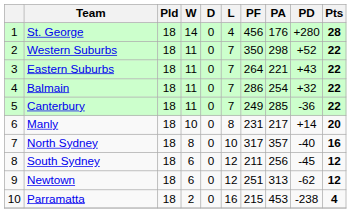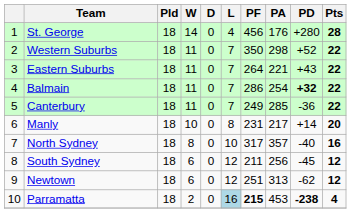 <table class="wikitable" style="text-align:center;">
 <tr>
 <th width=20 abbr="Position×"></th>
 <th width=175>Team</th>
 <th width=20 abbr="Played">Pld</th>
 <th width=20 abbr="Won">W</th>
 <th width=20 abbr="Drawn">D</th>
 <th width=20 abbr="Lost">L</th>
 <th width=20 abbr="Points for">PF</th>
 <th width=20 abbr="Points against">PA</th>
 <th width=20 abbr="Points difference">PD</th>
 <th width=20 abbr="Points">Pts</th>
 </tr>
 <tr style="background: #ccffcc;">
 <td>1</td>
 <td style="text-align:left;"> <a href='#'>St. George</a></td>
 <td>18</td>
 <td>14</td>
 <td>0</td>
 <td>4</td>
 <td>456</td>
 <td>176</td>
 <td>+280</td>
 <td><strong>28</strong></td>
 </tr>
 <tr style="background: #ccffcc;">
 <td>2</td>
 <td style="text-align:left;"> <a href='#'>Western Suburbs</a></td>
 <td>18</td>
 <td>11</td>
 <td>0</td>
 <td>7</td>
 <td>350</td>
 <td>298</td>
 <td>+52</td>
 <td><strong>22</strong></td>
 </tr>
 <tr style="background: #ccffcc;">
 <td>3</td>
 <td style="text-align:left;"> <a href='#'>Eastern Suburbs</a></td>
 <td>18</td>
 <td>11</td>
 <td>0</td>
 <td>7</td>
 <td>264</td>
 <td>221</td>
 <td>+43</td>
 <td><strong>22</strong></td>
 </tr>
 <tr style="background: #ccffcc;">
 <td>4</td>
 <td style="text-align:left;"> <a href='#'>Balmain</a></td>
 <td>18</td>
 <td>11</td>
 <td>0</td>
 <td>7</td>
 <td>286</td>
 <td>254</td>
-<td>+32</td>
+<td><strong>+32</strong></td>
 <td><strong>22</strong></td>
 </tr>
 <tr style="background: #ccffcc;">
 <td>5</td>
 <td style="text-align:left;"> <a href='#'>Canterbury</a></td>
 <td>18</td>
 <td>11</td>
 <td>0</td>
 <td>7</td>
 <td>249</td>
 <td>285</td>
 <td>-36</td>
 <td><strong>22</strong></td>
 </tr>
 <tr>
 <td>6</td>
 <td style="text-align:left;"> <a href='#'>Manly</a></td>
 <td>18</td>
 <td>10</td>
 <td>0</td>
 <td>8</td>
 <td>231</td>
 <td>217</td>
 <td>+14</td>
 <td><strong>20</strong></td>
 </tr>
 <tr>
 <td>7</td>
 <td style="text-align:left;"> <a href='#'>North Sydney</a></td>
 <td>18</td>
 <td>8</td>
 <td>0</td>
 <td>10</td>
 <td>317</td>
 <td>357</td>
 <td>-40</td>
 <td><strong>16</strong></td>
 </tr>
 <tr>
 <td>8</td>
 <td style="text-align:left;"> <a href='#'>South Sydney</a></td>
 <td>18</td>
 <td>6</td>
 <td>0</td>
 <td>12</td>
 <td>211</td>
 <td>256</td>
 <td>-45</td>
 <td><strong>12</strong></td>
 </tr>
 <tr>
 <td>9</td>
 <td style="text-align:left;"> <a href='#'>Newtown</a></td>
 <td>18</td>
 <td>6</td>
 <td>0</td>
 <td>12</td>
 <td>251</td>
 <td>313</td>
 <td>-62</td>
 <td><strong>12</strong></td>
 </tr>
 <tr>
 <td>10</td>
 <td style="text-align:left;"> <a href='#'>Parramatta</a></td>
 <td>18</td>
 <td>2</td>
 <td>0</td>
-<td>16</td>
-<td>215</td>
+<td style="background: lightblue;">16</td>
+<td><strong>215</strong></td>
 <td>453</td>
-<td>-238</td>
+<td><strong>-238</strong></td>
 <td><strong>4</strong></td>
 </tr>
 <tr>
 </tr>
 </table>
